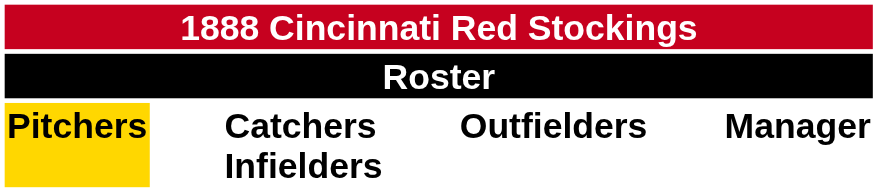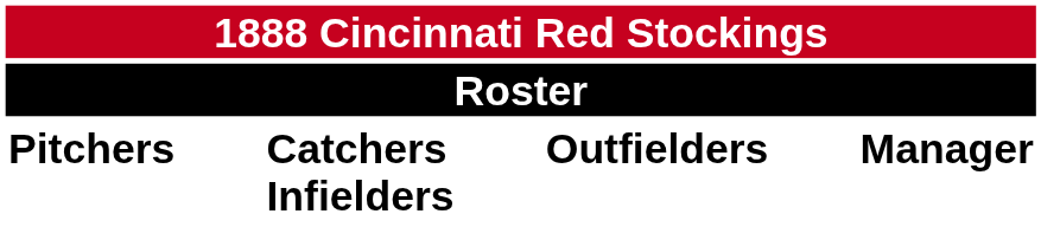 <table class="toccolours" style="font-size: 95%;">
 <tr>
 <th colspan="10" style="background-color: #c6011f; color: white; text-align: center;">1888 Cincinnati Red Stockings</th>
 </tr>
 <tr>
 <td colspan="10" style="background-color: black; color: white; text-align: center;"><strong>Roster</strong></td>
 </tr>
 <tr>
-<td valign="top" style="background: gold;"><strong>Pitchers</strong><br>    </td>
+<td valign="top"><strong>Pitchers</strong><br>    </td>
 <td width="25px"></td>
 <td valign="top"><strong>Catchers</strong><br>   <strong>Infielders</strong>     </td>
 <td width="25px"></td>
 <td valign="top"><strong>Outfielders</strong><br>   </td>
 <td width="25px"></td>
 <td valign="top"><strong>Manager</strong><br></td>
 </tr>
 </table>
